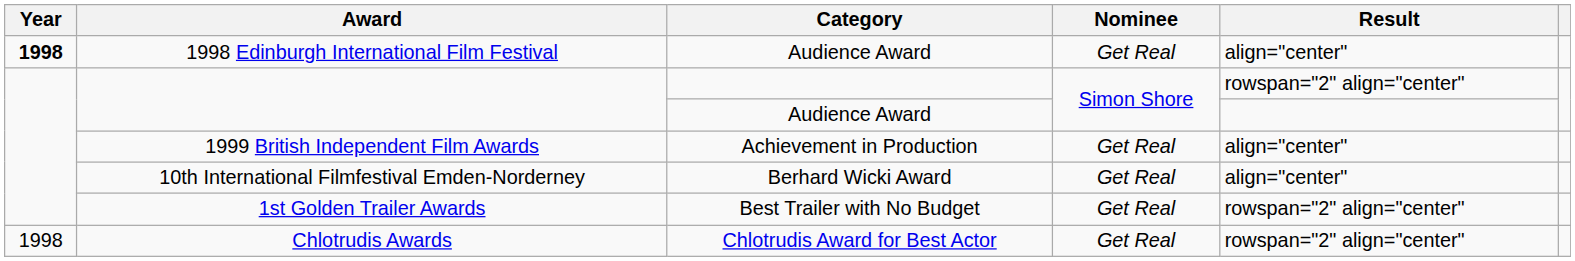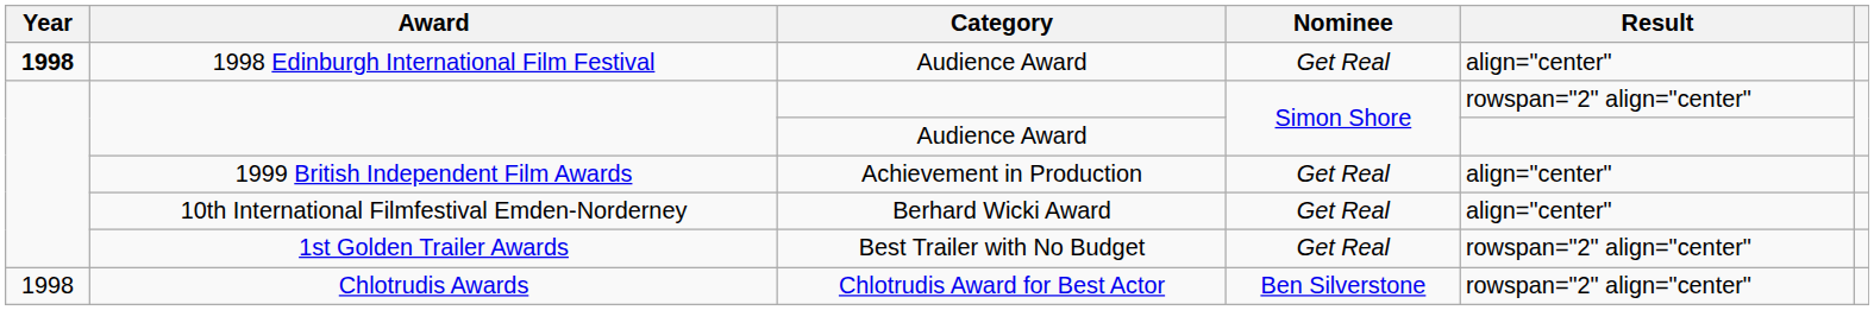 <table width="100%" class="wikitable">
 <tr>
 <th>Year</th>
 <th>Award</th>
 <th>Category</th>
 <th>Nominee</th>
 <th>Result</th>
 <th></th>
 </tr>
 <tr>
 <td align="center"><strong>1998</strong></td>
 <td align="center">1998 <a href='#'>Edinburgh International Film Festival</a></td>
 <td align="center">Audience Award</td>
 <td align="center"><em>Get Real</em></td>
 <td>align="center" </td>
 <td align="center"></td>
 </tr>
 <tr>
 <td rowspan="5"></td>
 <td rowspan="2"></td>
 <td></td>
 <td rowspan="2" align="center"><a href='#'>Simon Shore</a></td>
 <td>rowspan="2" align="center" </td>
 <td rowspan="2" align="center"></td>
 </tr>
 <tr>
 <td align="center">Audience Award</td>
 </tr>
 <tr>
 <td align="center">1999 <a href='#'>British Independent Film Awards</a></td>
 <td align="center">Achievement in Production</td>
 <td align="center"><em>Get Real</em></td>
 <td>align="center" </td>
 <td align="center"></td>
 </tr>
 <tr>
 <td align="center">10th International Filmfestival Emden-Norderney</td>
 <td align="center">Berhard Wicki Award</td>
 <td align="center"><em>Get Real</em></td>
 <td>align="center" </td>
 <td align="center"></td>
 </tr>
 <tr>
 <td align="center"><a href='#'>1st Golden Trailer Awards</a></td>
 <td align="center">Best Trailer with No Budget</td>
 <td align="center"><em>Get Real</em></td>
 <td>rowspan="2" align="center" </td>
 <td align="center"></td>
 </tr>
 <tr>
 <td align="center">1998</td>
 <td align="center"><a href='#'>Chlotrudis Awards</a></td>
 <td align="center"><a href='#'>Chlotrudis Award for Best Actor</a></td>
-<td align="center"><em>Get Real</em></td>
+<td align="center"><a href='#'>Ben Silverstone</a></td>
 <td>rowspan="2" align="center" </td>
 <td align="center"></td>
 </tr>
 </table>
